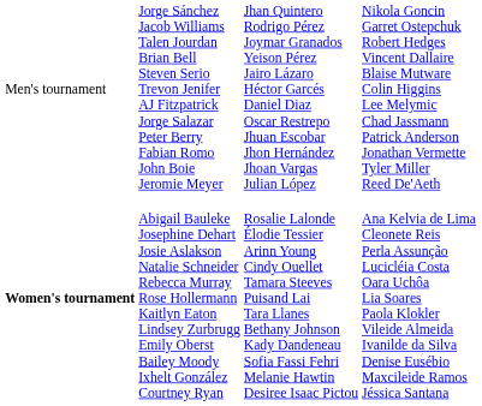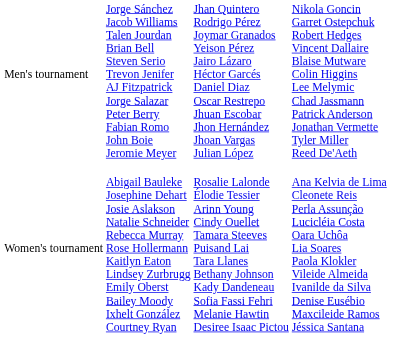 <table>
 <tr>
 <td>Men's tournament<br></td>
 <td><br><a href='#'>Jorge Sánchez</a><br><a href='#'>Jacob Williams</a><br><a href='#'>Talen Jourdan</a><br><a href='#'>Brian Bell</a><br><a href='#'>Steven Serio</a><br><a href='#'>Trevon Jenifer</a><br><a href='#'>AJ Fitzpatrick</a><br><a href='#'>Jorge Salazar</a><br><a href='#'>Peter Berry</a><br><a href='#'>Fabian Romo</a><br><a href='#'>John Boie</a><br><a href='#'>Jeromie Meyer</a></td>
 <td><br><a href='#'>Jhan Quintero</a><br><a href='#'>Rodrigo Pérez</a><br><a href='#'>Joymar Granados</a><br><a href='#'>Yeison Pérez</a><br><a href='#'>Jairo Lázaro</a><br><a href='#'>Héctor Garcés</a><br><a href='#'>Daniel Diaz</a><br><a href='#'>Oscar Restrepo</a><br><a href='#'>Jhuan Escobar</a><br><a href='#'>Jhon Hernández</a><br><a href='#'>Jhoan Vargas</a><br><a href='#'>Julian López</a></td>
 <td><br><a href='#'>Nikola Goncin</a><br><a href='#'>Garret Ostepchuk</a><br><a href='#'>Robert Hedges</a><br><a href='#'>Vincent Dallaire</a><br><a href='#'>Blaise Mutware</a><br><a href='#'>Colin Higgins</a><br><a href='#'>Lee Melymic</a><br><a href='#'>Chad Jassmann</a><br><a href='#'>Patrick Anderson</a><br><a href='#'>Jonathan Vermette</a><br><a href='#'>Tyler Miller</a><br><a href='#'>Reed De'Aeth</a></td>
 </tr>
 <tr>
-<td nowrap><strong>Women's tournament<br></strong></td>
+<td nowrap>Women's tournament<br></td>
 <td><br><a href='#'>Abigail Bauleke</a><br><a href='#'>Josephine Dehart</a><br><a href='#'>Josie Aslakson</a><br><a href='#'>Natalie Schneider</a><br><a href='#'>Rebecca Murray</a><br><a href='#'>Rose Hollermann</a><br><a href='#'>Kaitlyn Eaton</a><br><a href='#'>Lindsey Zurbrugg</a><br><a href='#'>Emily Oberst</a><br><a href='#'>Bailey Moody</a><br><a href='#'>Ixhelt González</a><br><a href='#'>Courtney Ryan</a></td>
 <td><br><a href='#'>Rosalie Lalonde</a><br><a href='#'>Élodie Tessier</a><br><a href='#'>Arinn Young</a><br><a href='#'>Cindy Ouellet</a><br><a href='#'>Tamara Steeves</a><br><a href='#'>Puisand Lai</a><br><a href='#'>Tara Llanes</a><br><a href='#'>Bethany Johnson</a><br><a href='#'>Kady Dandeneau</a><br><a href='#'>Sofia Fassi Fehri</a><br><a href='#'>Melanie Hawtin</a><br><a href='#'>Desiree Isaac Pictou</a></td>
 <td><br><a href='#'>Ana Kelvia de Lima</a><br><a href='#'>Cleonete Reis</a><br><a href='#'>Perla Assunção</a><br><a href='#'>Lucicléia Costa</a><br><a href='#'>Oara Uchôa</a><br><a href='#'>Lia Soares</a><br><a href='#'>Paola Klokler</a><br><a href='#'>Vileide Almeida</a><br><a href='#'>Ivanilde da Silva</a><br><a href='#'>Denise Eusébio</a><br><a href='#'>Maxcileide Ramos</a><br><a href='#'>Jéssica Santana</a></td>
 </tr>
 </table>
